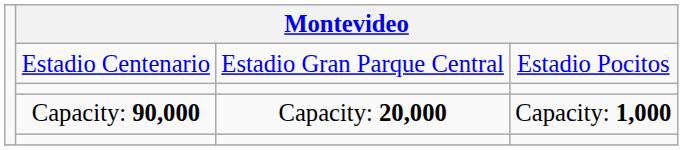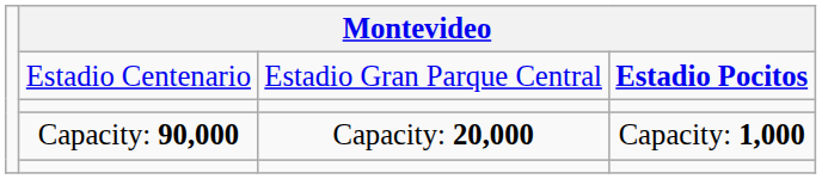 <table class="wikitable" style="text-align:center">
 <tr>
 <td rowspan="5"><br></td>
 <th colspan=3><a href='#'>Montevideo</a></th>
 </tr>
 <tr>
 <td><a href='#'>Estadio Centenario</a></td>
 <td><a href='#'>Estadio Gran Parque Central</a></td>
-<td><a href='#'>Estadio Pocitos</a></td>
+<td><strong><a href='#'>Estadio Pocitos</a></strong></td>
 </tr>
 <tr>
 <td><small></small></td>
 <td><small></small></td>
 <td><small></small></td>
 </tr>
 <tr>
 <td>Capacity: <strong>90,000</strong></td>
 <td>Capacity: <strong>20,000</strong></td>
 <td>Capacity: <strong>1,000</strong></td>
 </tr>
 <tr>
 <td></td>
 <td></td>
 <td></td>
 </tr>
 </table>
